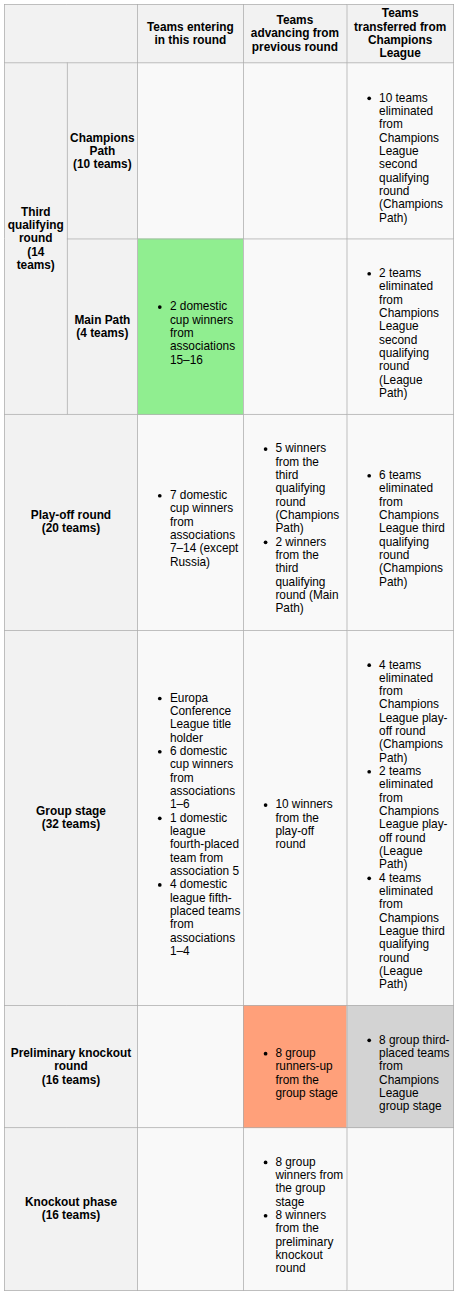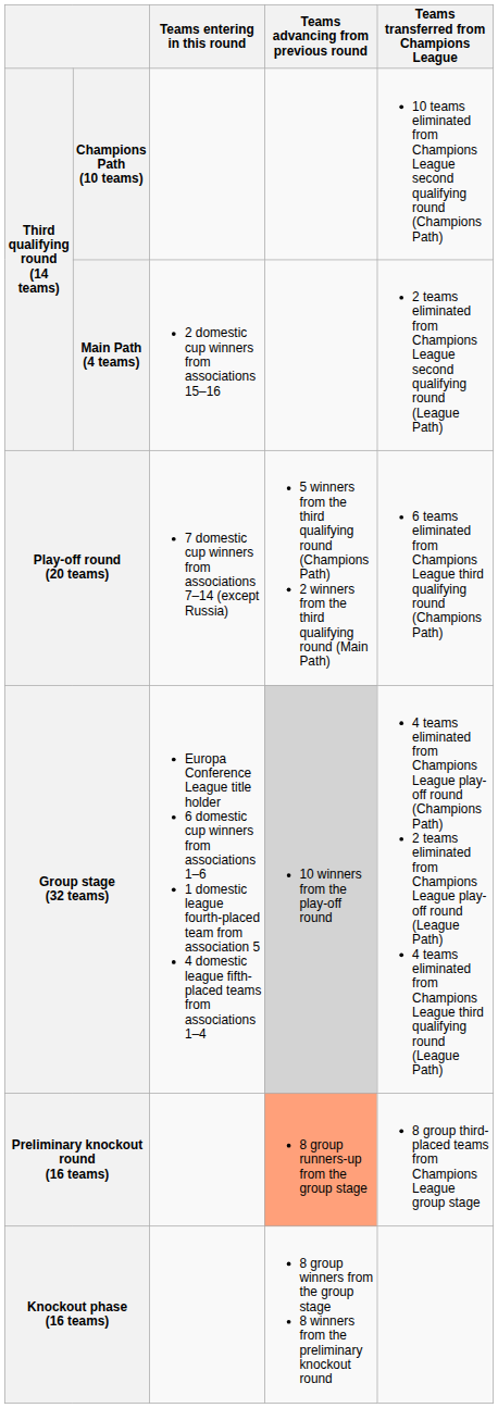 <table class="wikitable">
 <tr>
 <th colspan=2></th>
 <th>Teams entering in this round</th>
 <th>Teams advancing from previous round</th>
 <th>Teams transferred from Champions League</th>
 </tr>
 <tr>
 <th rowspan=2>Third qualifying round<br>(14 teams)</th>
 <th>Champions Path<br>(10 teams)</th>
 <td></td>
 <td></td>
 <td><br><ul><li>10 teams eliminated from Champions League second qualifying round (Champions Path)</li></ul></td>
 </tr>
 <tr>
 <th>Main Path<br>(4 teams)</th>
-<td style="background: lightgreen;"><br><ul><li>2 domestic cup winners from associations 15–16</li></ul></td>
+<td><br><ul><li>2 domestic cup winners from associations 15–16</li></ul></td>
 <td></td>
 <td><br><ul><li>2 teams eliminated from Champions League second qualifying round (League Path)</li></ul></td>
 </tr>
 <tr>
 <th colspan=2>Play-off round<br>(20 teams)</th>
 <td><br><ul><li>7 domestic cup winners from associations 7–14 (except Russia)</li></ul></td>
 <td><br><ul><li>5 winners from the third qualifying round (Champions Path)</li><li>2 winners from the third qualifying round (Main Path)</li></ul></td>
 <td><br><ul><li>6 teams eliminated from Champions League third qualifying round (Champions Path)</li></ul></td>
 </tr>
 <tr>
 <th colspan=2>Group stage<br>(32 teams)</th>
 <td><br><ul><li>Europa Conference League title holder</li><li>6 domestic cup winners from associations 1–6</li><li>1 domestic league fourth-placed team from association 5</li><li>4 domestic league fifth-placed teams from associations 1–4</li></ul></td>
-<td><br><ul><li>10 winners from the play-off round</li></ul></td>
+<td style="background: lightgrey;"><br><ul><li>10 winners from the play-off round</li></ul></td>
 <td><br><ul><li>4 teams eliminated from Champions League play-off round (Champions Path)</li><li>2 teams eliminated from Champions League play-off round (League Path)</li><li>4 teams eliminated from Champions League third qualifying round (League Path)</li></ul></td>
 </tr>
 <tr>
 <th colspan=2>Preliminary knockout round<br>(16 teams)</th>
 <td></td>
 <td style="background: lightsalmon;"><br><ul><li>8 group runners-up from the group stage</li></ul></td>
-<td style="background: lightgrey;"><br><ul><li>8 group third-placed teams from Champions League group stage</li></ul></td>
+<td><br><ul><li>8 group third-placed teams from Champions League group stage</li></ul></td>
 </tr>
 <tr>
 <th colspan=2>Knockout phase<br>(16 teams)</th>
 <td></td>
 <td><br><ul><li>8 group winners from the group stage</li><li>8 winners from the preliminary knockout round</li></ul></td>
 <td></td>
 </tr>
 </table>
